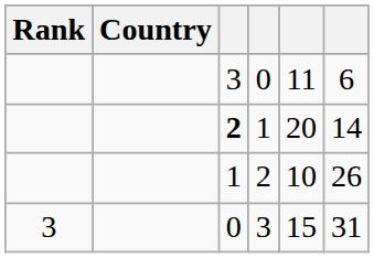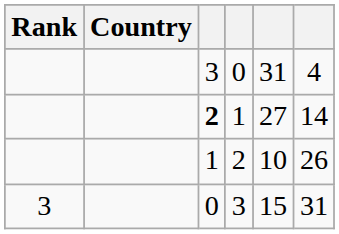 <table class="wikitable sortable" style="text-align: center;">
 <tr>
 <th>Rank</th>
 <th>Country</th>
 <th></th>
 <th></th>
 <th></th>
 <th></th>
 </tr>
 <tr>
 <td></td>
 <td align=left></td>
 <td>3</td>
 <td>0</td>
-<td>11</td>
-<td>6</td>
+<td>31</td>
+<td>4</td>
 </tr>
 <tr>
 <td></td>
 <td align=left></td>
 <td><strong>2</strong></td>
 <td>1</td>
-<td>20</td>
+<td>27</td>
 <td>14</td>
 </tr>
 <tr>
 <td></td>
 <td align=left></td>
 <td>1</td>
 <td>2</td>
 <td>10</td>
 <td>26</td>
 </tr>
 <tr>
 <td>3</td>
 <td align=left></td>
 <td>0</td>
 <td>3</td>
 <td>15</td>
 <td>31</td>
 </tr>
 </table>
